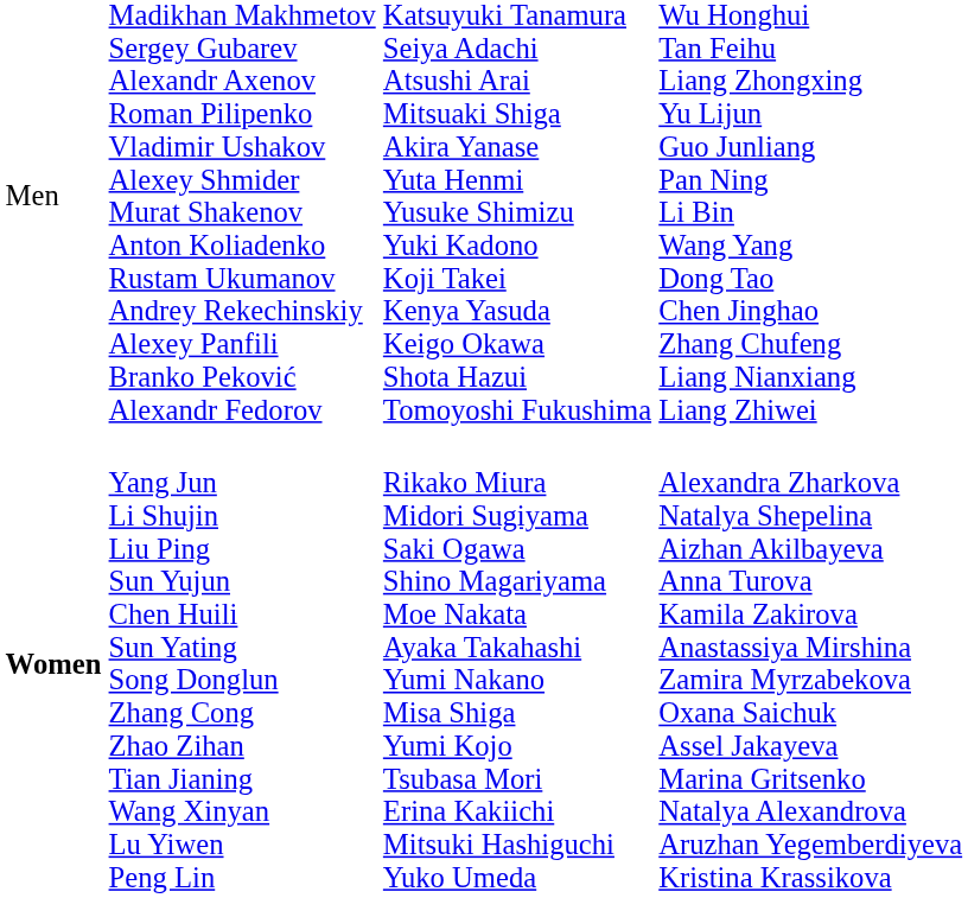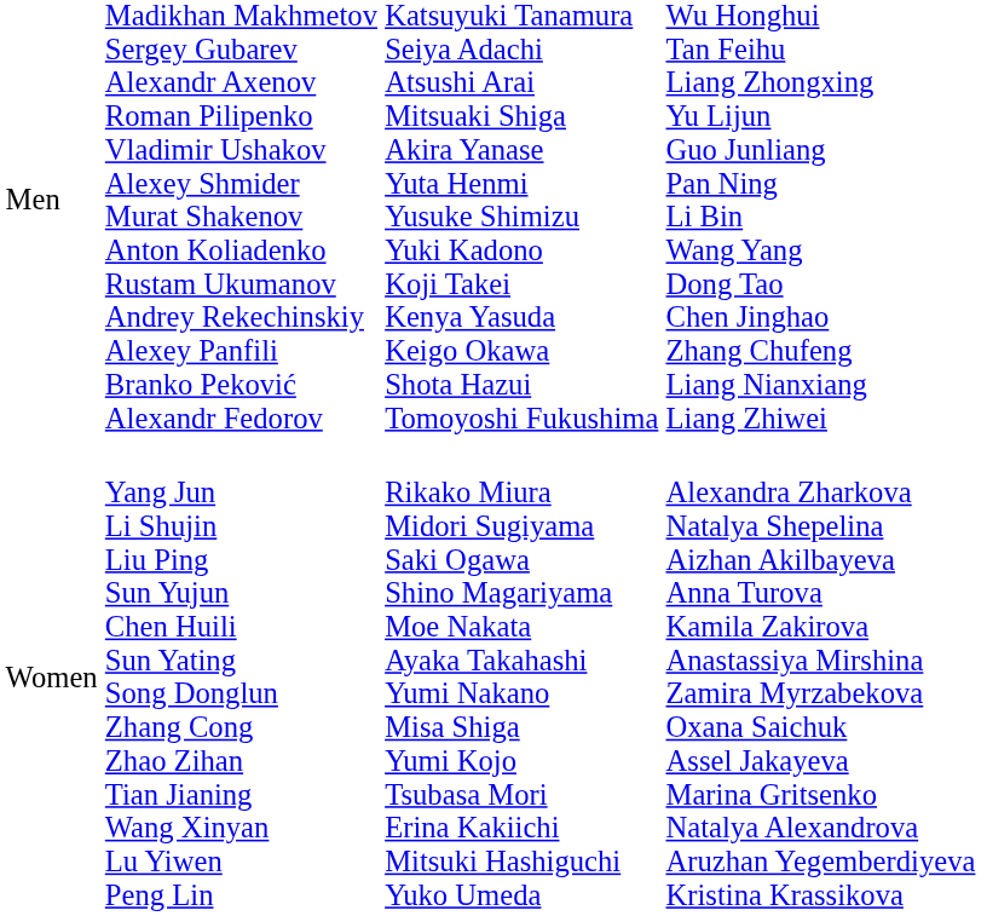 <table>
 <tr>
 <td>Men<br></td>
 <td><br><a href='#'>Madikhan Makhmetov</a><br><a href='#'>Sergey Gubarev</a><br><a href='#'>Alexandr Axenov</a><br><a href='#'>Roman Pilipenko</a><br><a href='#'>Vladimir Ushakov</a><br><a href='#'>Alexey Shmider</a><br><a href='#'>Murat Shakenov</a><br><a href='#'>Anton Koliadenko</a><br><a href='#'>Rustam Ukumanov</a><br><a href='#'>Andrey Rekechinskiy</a><br><a href='#'>Alexey Panfili</a><br><a href='#'>Branko Peković</a><br><a href='#'>Alexandr Fedorov</a></td>
 <td><br><a href='#'>Katsuyuki Tanamura</a><br><a href='#'>Seiya Adachi</a><br><a href='#'>Atsushi Arai</a><br><a href='#'>Mitsuaki Shiga</a><br><a href='#'>Akira Yanase</a><br><a href='#'>Yuta Henmi</a><br><a href='#'>Yusuke Shimizu</a><br><a href='#'>Yuki Kadono</a><br><a href='#'>Koji Takei</a><br><a href='#'>Kenya Yasuda</a><br><a href='#'>Keigo Okawa</a><br><a href='#'>Shota Hazui</a><br><a href='#'>Tomoyoshi Fukushima</a></td>
 <td><br><a href='#'>Wu Honghui</a><br><a href='#'>Tan Feihu</a><br><a href='#'>Liang Zhongxing</a><br><a href='#'>Yu Lijun</a><br><a href='#'>Guo Junliang</a><br><a href='#'>Pan Ning</a><br><a href='#'>Li Bin</a><br><a href='#'>Wang Yang</a><br><a href='#'>Dong Tao</a><br><a href='#'>Chen Jinghao</a><br><a href='#'>Zhang Chufeng</a><br><a href='#'>Liang Nianxiang</a><br><a href='#'>Liang Zhiwei</a></td>
 </tr>
 <tr>
-<td><strong>Women<br></strong></td>
+<td>Women<br></td>
 <td><br><a href='#'>Yang Jun</a><br><a href='#'>Li Shujin</a><br><a href='#'>Liu Ping</a><br><a href='#'>Sun Yujun</a><br><a href='#'>Chen Huili</a><br><a href='#'>Sun Yating</a><br><a href='#'>Song Donglun</a><br><a href='#'>Zhang Cong</a><br><a href='#'>Zhao Zihan</a><br><a href='#'>Tian Jianing</a><br><a href='#'>Wang Xinyan</a><br><a href='#'>Lu Yiwen</a><br><a href='#'>Peng Lin</a></td>
 <td><br><a href='#'>Rikako Miura</a><br><a href='#'>Midori Sugiyama</a><br><a href='#'>Saki Ogawa</a><br><a href='#'>Shino Magariyama</a><br><a href='#'>Moe Nakata</a><br><a href='#'>Ayaka Takahashi</a><br><a href='#'>Yumi Nakano</a><br><a href='#'>Misa Shiga</a><br><a href='#'>Yumi Kojo</a><br><a href='#'>Tsubasa Mori</a><br><a href='#'>Erina Kakiichi</a><br><a href='#'>Mitsuki Hashiguchi</a><br><a href='#'>Yuko Umeda</a></td>
 <td><br><a href='#'>Alexandra Zharkova</a><br><a href='#'>Natalya Shepelina</a><br><a href='#'>Aizhan Akilbayeva</a><br><a href='#'>Anna Turova</a><br><a href='#'>Kamila Zakirova</a><br><a href='#'>Anastassiya Mirshina</a><br><a href='#'>Zamira Myrzabekova</a><br><a href='#'>Oxana Saichuk</a><br><a href='#'>Assel Jakayeva</a><br><a href='#'>Marina Gritsenko</a><br><a href='#'>Natalya Alexandrova</a><br><a href='#'>Aruzhan Yegemberdiyeva</a><br><a href='#'>Kristina Krassikova</a></td>
 </tr>
 </table>
